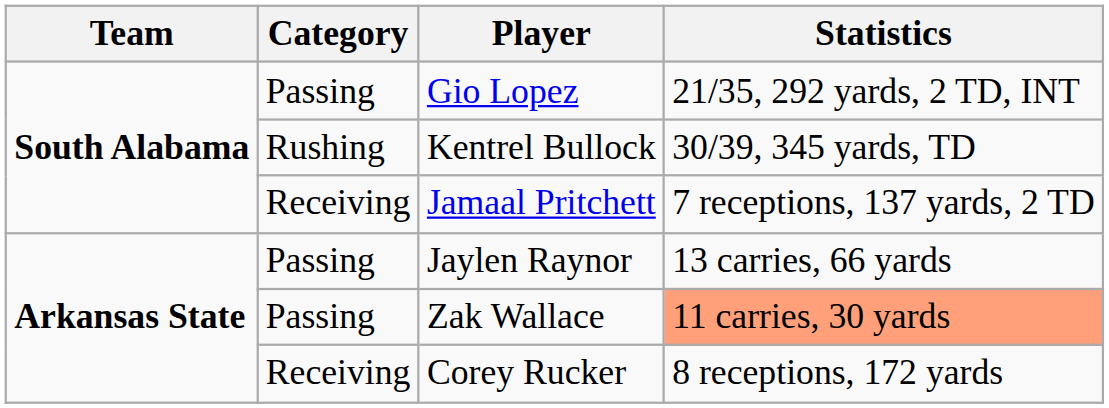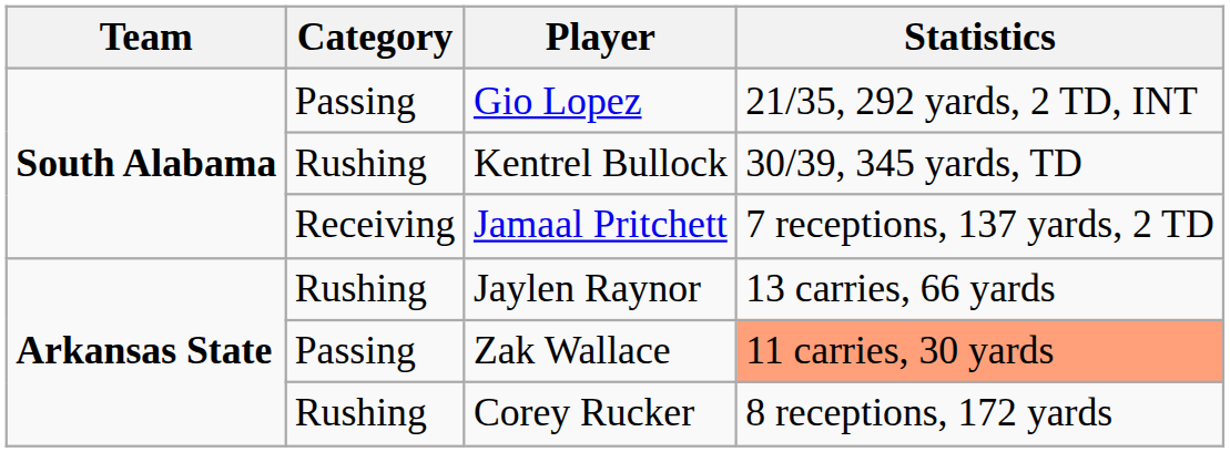 <table class="wikitable" style="float: right;">
 <tr>
 <th>Team</th>
 <th>Category</th>
 <th>Player</th>
 <th>Statistics</th>
 </tr>
 <tr>
 <td rowspan=3><strong>South Alabama</strong></td>
 <td>Passing</td>
 <td><a href='#'>Gio Lopez</a></td>
 <td>21/35, 292 yards, 2 TD, INT</td>
 </tr>
 <tr>
 <td>Rushing</td>
 <td>Kentrel Bullock</td>
 <td>30/39, 345 yards, TD</td>
 </tr>
 <tr>
 <td>Receiving</td>
 <td><a href='#'>Jamaal Pritchett</a></td>
 <td>7 receptions, 137 yards, 2 TD</td>
 </tr>
 <tr>
 <td rowspan=3><strong>Arkansas State</strong></td>
-<td>Passing</td>
+<td>Rushing</td>
 <td>Jaylen Raynor</td>
 <td>13 carries, 66 yards</td>
 </tr>
 <tr>
 <td>Passing</td>
 <td>Zak Wallace</td>
 <td style="background: lightsalmon;">11 carries, 30 yards</td>
 </tr>
 <tr>
-<td>Receiving</td>
+<td>Rushing</td>
 <td>Corey Rucker</td>
 <td>8 receptions, 172 yards</td>
 </tr>
 </table>
